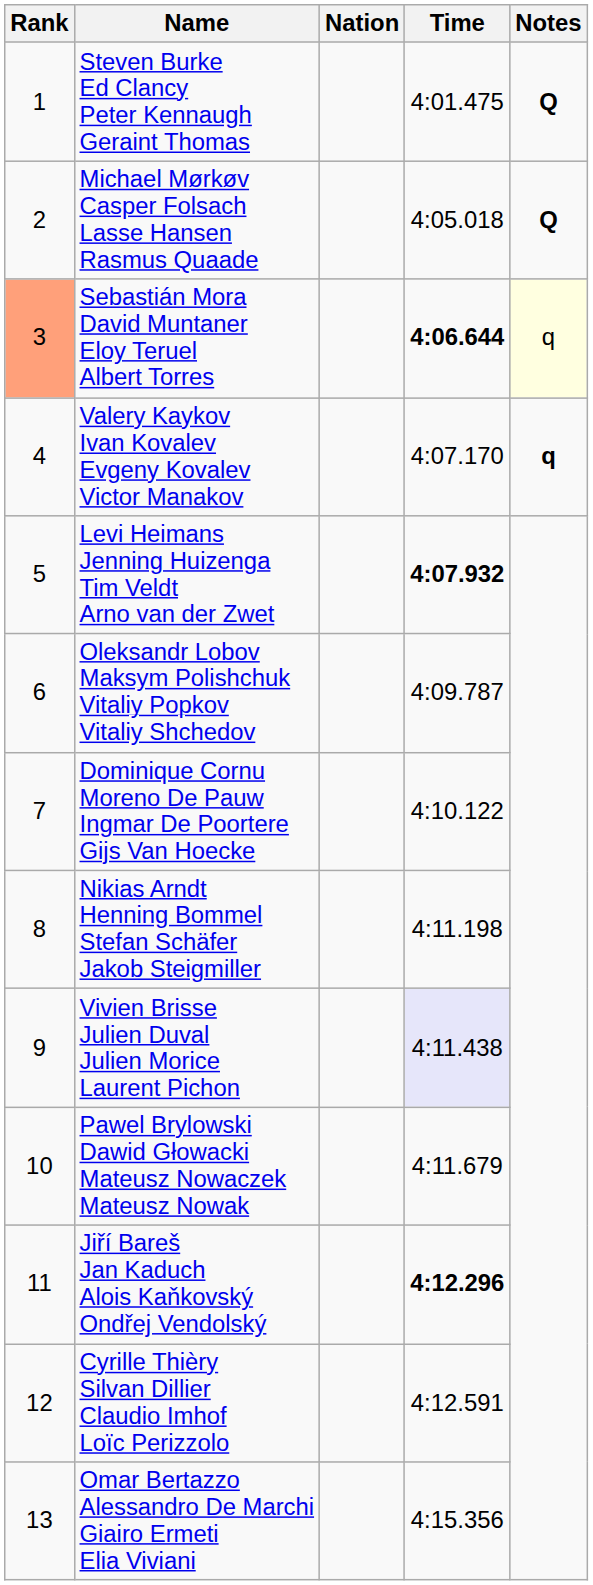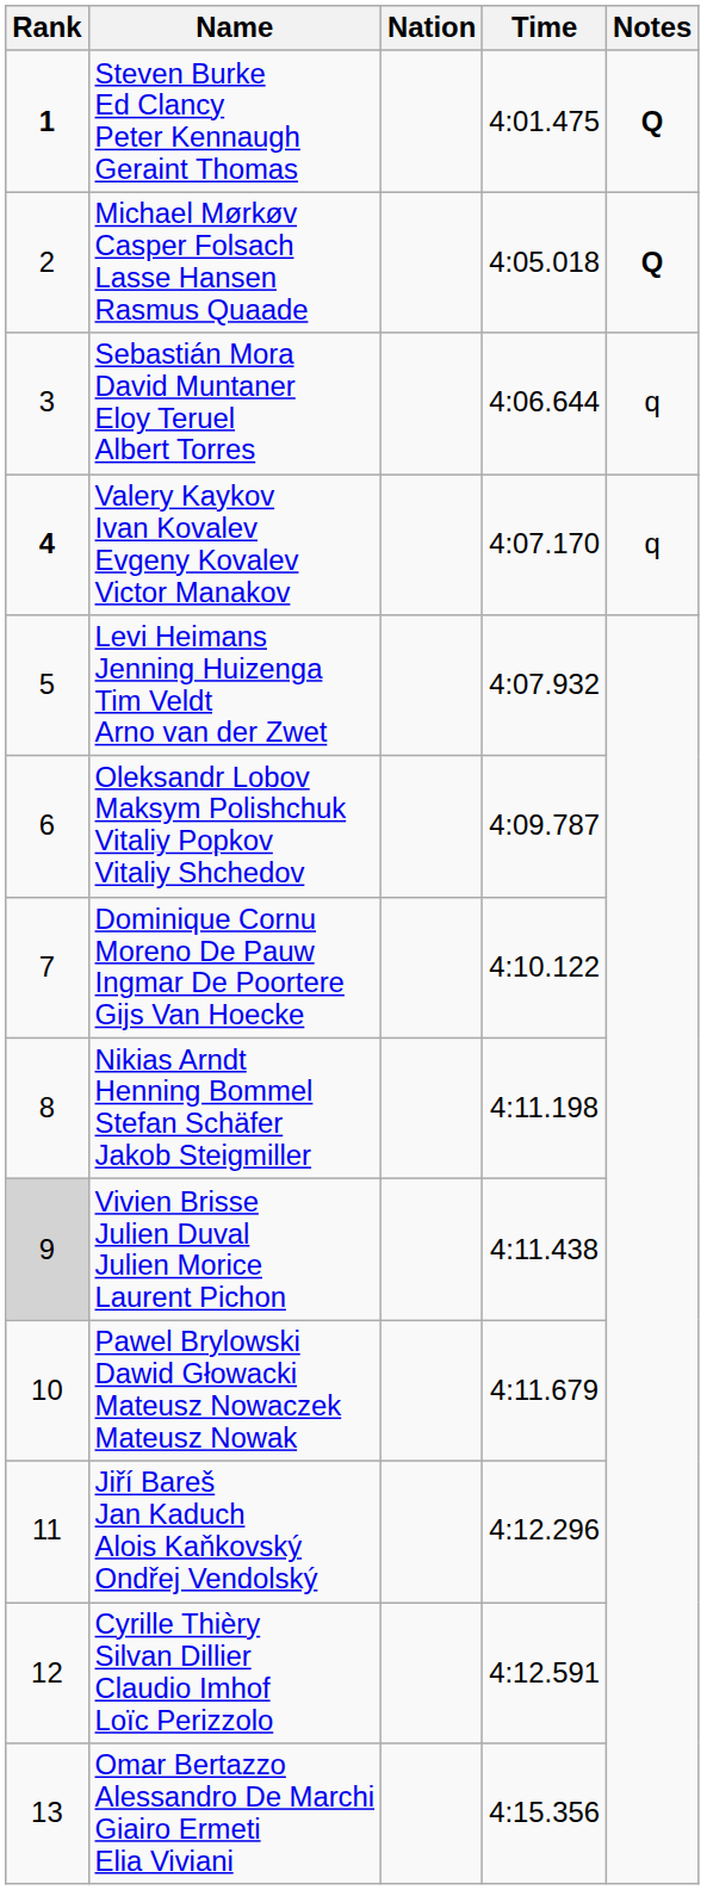 <table class="wikitable sortable" style="text-align:center">
 <tr>
 <th>Rank</th>
 <th>Name</th>
 <th>Nation</th>
 <th>Time</th>
 <th>Notes</th>
 </tr>
 <tr>
-<td>1</td>
+<td><strong>1</strong></td>
 <td align=left><a href='#'>Steven Burke</a><br><a href='#'>Ed Clancy</a><br><a href='#'>Peter Kennaugh</a><br><a href='#'>Geraint Thomas</a></td>
 <td align=left></td>
 <td>4:01.475</td>
 <td><strong>Q</strong></td>
 </tr>
 <tr>
 <td>2</td>
 <td align=left><a href='#'>Michael Mørkøv</a><br><a href='#'>Casper Folsach</a><br><a href='#'>Lasse Hansen</a><br><a href='#'>Rasmus Quaade</a></td>
 <td align=left></td>
 <td>4:05.018</td>
 <td><strong>Q</strong></td>
 </tr>
 <tr>
-<td style="background: lightsalmon;">3</td>
+<td>3</td>
 <td align=left><a href='#'>Sebastián Mora</a><br><a href='#'>David Muntaner</a><br><a href='#'>Eloy Teruel</a><br><a href='#'>Albert Torres</a></td>
 <td align=left></td>
-<td><strong>4:06.644</strong></td>
-<td style="background: lightyellow;">q</td>
+<td>4:06.644</td>
+<td>q</td>
 </tr>
 <tr>
-<td>4</td>
+<td><strong>4</strong></td>
 <td align=left><a href='#'>Valery Kaykov</a><br><a href='#'>Ivan Kovalev</a><br><a href='#'>Evgeny Kovalev</a><br><a href='#'>Victor Manakov</a></td>
 <td align=left></td>
 <td>4:07.170</td>
-<td><strong>q</strong></td>
+<td>q</td>
 </tr>
 <tr>
 <td>5</td>
 <td align=left><a href='#'>Levi Heimans</a><br><a href='#'>Jenning Huizenga</a><br><a href='#'>Tim Veldt</a><br><a href='#'>Arno van der Zwet</a></td>
 <td align=left></td>
-<td><strong>4:07.932</strong></td>
+<td>4:07.932</td>
 </tr>
 <tr>
 <td>6</td>
 <td align=left><a href='#'>Oleksandr Lobov</a><br><a href='#'>Maksym Polishchuk</a><br><a href='#'>Vitaliy Popkov</a><br><a href='#'>Vitaliy Shchedov</a></td>
 <td align=left></td>
 <td>4:09.787</td>
 </tr>
 <tr>
 <td>7</td>
 <td align=left><a href='#'>Dominique Cornu</a><br><a href='#'>Moreno De Pauw</a><br><a href='#'>Ingmar De Poortere</a><br><a href='#'>Gijs Van Hoecke</a></td>
 <td align=left></td>
 <td>4:10.122</td>
 </tr>
 <tr>
 <td>8</td>
 <td align=left><a href='#'>Nikias Arndt</a><br><a href='#'>Henning Bommel</a><br><a href='#'>Stefan Schäfer</a><br><a href='#'>Jakob Steigmiller</a></td>
 <td align=left></td>
 <td>4:11.198</td>
 </tr>
 <tr>
-<td>9</td>
+<td style="background: lightgrey;">9</td>
 <td align=left><a href='#'>Vivien Brisse</a><br><a href='#'>Julien Duval</a><br><a href='#'>Julien Morice</a><br><a href='#'>Laurent Pichon</a></td>
 <td align=left></td>
-<td style="background: lavender;">4:11.438</td>
+<td>4:11.438</td>
 </tr>
 <tr>
 <td>10</td>
 <td align=left><a href='#'>Pawel Brylowski</a> <br><a href='#'>Dawid Głowacki</a><br><a href='#'>Mateusz Nowaczek</a><br><a href='#'>Mateusz Nowak</a></td>
 <td align=left></td>
 <td>4:11.679</td>
 </tr>
 <tr>
 <td>11</td>
 <td align=left><a href='#'>Jiří Bareš</a><br><a href='#'>Jan Kaduch</a><br><a href='#'>Alois Kaňkovský</a><br><a href='#'>Ondřej Vendolský</a></td>
 <td align=left></td>
-<td><strong>4:12.296</strong></td>
+<td>4:12.296</td>
 </tr>
 <tr>
 <td>12</td>
 <td align=left><a href='#'>Cyrille Thièry</a><br><a href='#'>Silvan Dillier</a><br><a href='#'>Claudio Imhof</a><br><a href='#'>Loïc Perizzolo</a></td>
 <td align=left></td>
 <td>4:12.591</td>
 </tr>
 <tr>
 <td>13</td>
 <td align=left><a href='#'>Omar Bertazzo</a><br><a href='#'>Alessandro De Marchi</a><br><a href='#'>Giairo Ermeti</a><br><a href='#'>Elia Viviani</a></td>
 <td align=left></td>
 <td>4:15.356</td>
 </tr>
 </table>
